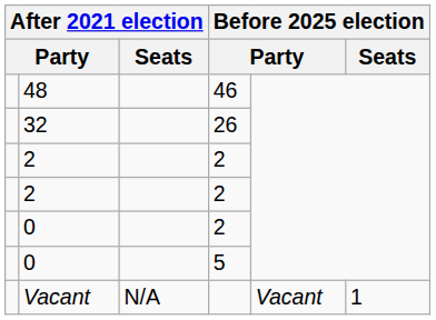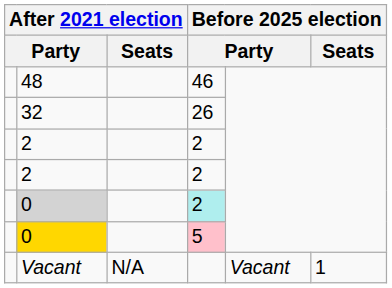 <table class="wikitable">
 <tr>
 <th colspan="3">After <a href='#'>2021 election</a></th>
 <th colspan="3">Before 2025 election</th>
 </tr>
 <tr>
 <th colspan="2">Party</th>
 <th>Seats</th>
 <th colspan="2">Party</th>
 <th>Seats</th>
 </tr>
 <tr>
 <td></td>
 <td>48</td>
 <td></td>
 <td>46</td>
 </tr>
 <tr>
 <td></td>
 <td>32</td>
 <td></td>
 <td>26</td>
 </tr>
 <tr>
 <td></td>
 <td>2</td>
 <td></td>
 <td>2</td>
 </tr>
 <tr>
 <td></td>
 <td>2</td>
 <td></td>
 <td>2</td>
 </tr>
 <tr>
 <td></td>
-<td>0</td>
+<td style="background: lightgrey;">0</td>
 <td></td>
-<td>2</td>
+<td style="background: paleturquoise;">2</td>
 </tr>
 <tr>
 <td></td>
-<td>0</td>
+<td style="background: gold;">0</td>
 <td></td>
-<td>5</td>
+<td style="background: pink;">5</td>
 </tr>
 <tr>
 <td></td>
 <td><em>Vacant</em></td>
 <td>N/A</td>
 <td></td>
 <td><em>Vacant</em></td>
 <td>1</td>
 </tr>
 </table>
